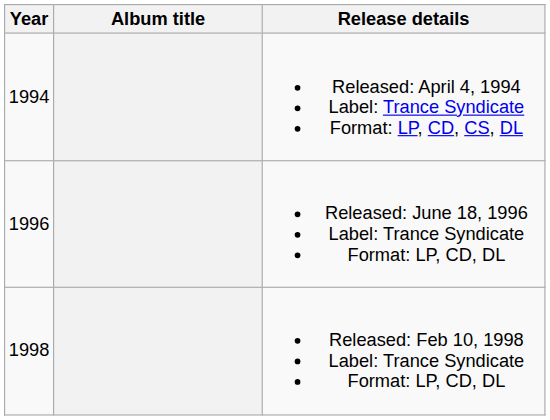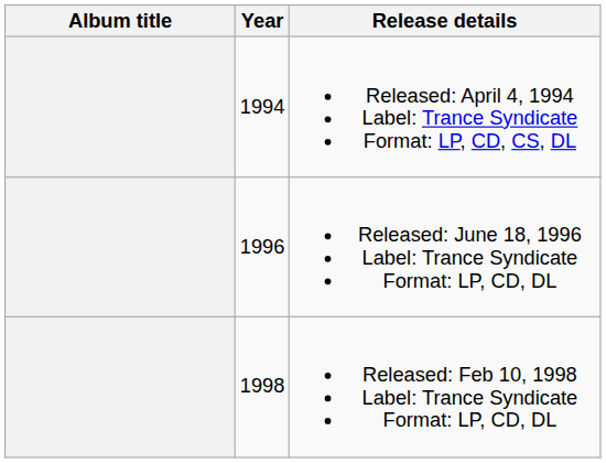 <table class="wikitable plainrowheaders" style="text-align:center;">
 <tr>
+<th scope="col" rowspan="1" style="width:11em">Album title</th>
 <th>Year</th>
-<th scope="col" rowspan="1" style="width:11em">Album title</th>
 <th scope="col" rowspan="1" style="width:15em">Release details</th>
 </tr>
 <tr>
+<th></th>
 <td>1994</td>
-<th></th>
 <td><br><ul><li>Released: April 4, 1994</li><li>Label: <a href='#'>Trance Syndicate</a></li><li>Format: <a href='#'>LP</a>, <a href='#'>CD</a>, <a href='#'>CS</a>, <a href='#'>DL</a></li></ul></td>
 </tr>
 <tr>
+<th></th>
 <td>1996</td>
-<th></th>
 <td><br><ul><li>Released: June 18, 1996</li><li>Label: Trance Syndicate</li><li>Format: LP, CD, DL</li></ul></td>
 </tr>
 <tr>
+<th></th>
 <td>1998</td>
-<th></th>
 <td><br><ul><li>Released: Feb 10, 1998</li><li>Label: Trance Syndicate</li><li>Format: LP, CD, DL</li></ul></td>
 </tr>
 </table>
